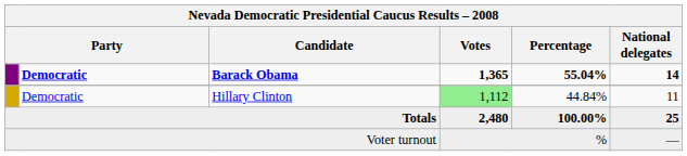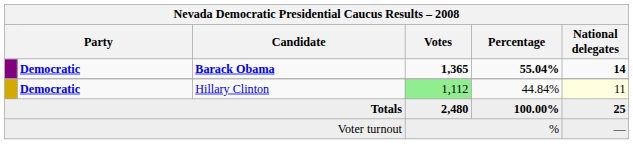 <table class="wikitable" style="font-size:95%;">
 <tr>
 <th colspan="7">Nevada Democratic Presidential Caucus Results – 2008</th>
 </tr>
 <tr>
 <th colspan="2" style="width: 15em">Party</th>
 <th style="width: 17em">Candidate</th>
 <th style="width: 5em">Votes</th>
 <th style="width: 7em">Percentage</th>
 <th style="width: 5em">National delegates</th>
 </tr>
 <tr>
 <th style="background:purple; width:3px;"></th>
 <td style="width: 130px"><strong><a href='#'>Democratic</a></strong></td>
 <td><strong><a href='#'>Barack Obama</a></strong></td>
 <td style="text-align:right;"><strong>1,365</strong></td>
 <td style="text-align:right;"><strong>55.04%</strong></td>
 <td style="text-align:right;"><strong>14</strong></td>
 </tr>
 <tr style="background:#eee;">
 </tr>
 <tr>
 <th style="background:#d4aa00; width:3px;"></th>
-<td style="width: 130px"><a href='#'>Democratic</a></td>
+<td style="width: 130px"><strong><a href='#'>Democratic</a></strong></td>
 <td><a href='#'>Hillary Clinton</a></td>
 <td style="background: lightgreen; text-align:right;">1,112</td>
 <td style="text-align:right;">44.84%</td>
-<td style="text-align:right;">11</td>
+<td style="background: lightyellow; text-align:right;">11</td>
 </tr>
 <tr style="background:#eee; text-align:right;">
 <td colspan="3"><strong>Totals</strong></td>
 <td><strong>2,480</strong></td>
 <td><strong>100.00%</strong></td>
 <td><strong>25</strong></td>
 </tr>
 <tr style="background:#eee; text-align:right;">
 <td colspan="3">Voter turnout</td>
 <td colspan="2">%</td>
 <td>—</td>
 </tr>
 </table>
